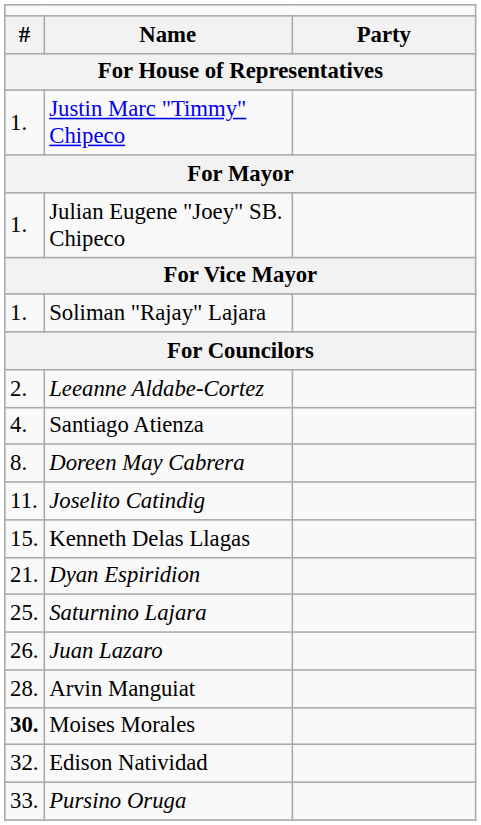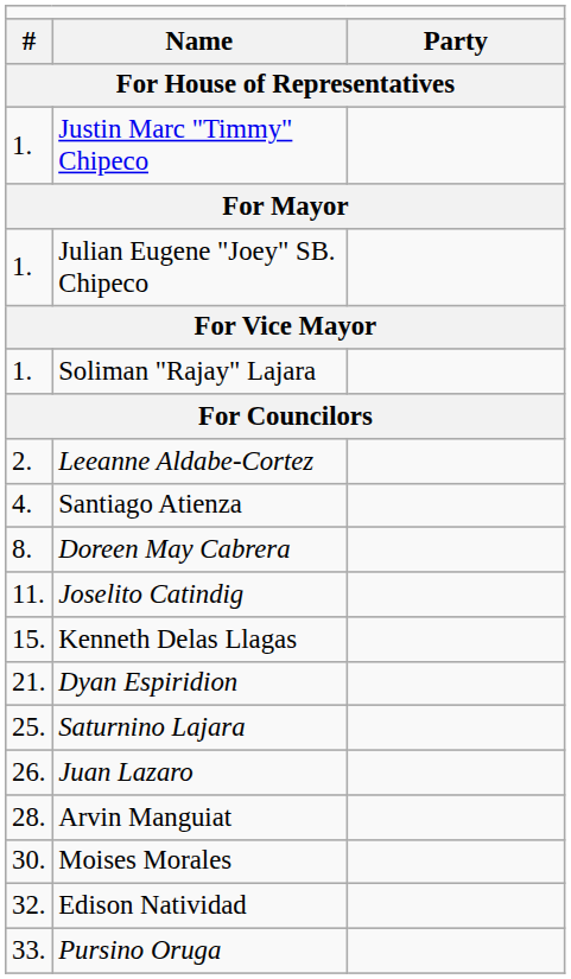 <table class=wikitable style="font-size:90%">
 <tr>
 <td colspan=4 bgcolor=></td>
 </tr>
 <tr>
 <th>#</th>
 <th width=150px>Name</th>
 <th colspan=2 width=110px>Party</th>
 </tr>
 <tr>
 <th colspan="4">For House of Representatives</th>
 </tr>
 <tr>
 <td>1.</td>
 <td><a href='#'>Justin Marc "Timmy" Chipeco</a></td>
 <td></td>
 </tr>
 <tr>
 <th colspan="4">For Mayor</th>
 </tr>
 <tr>
 <td>1.</td>
 <td>Julian Eugene "Joey" SB. Chipeco</td>
 <td></td>
 </tr>
 <tr>
 <th colspan="4">For Vice Mayor</th>
 </tr>
 <tr>
 <td>1.</td>
 <td>Soliman "Rajay" Lajara</td>
 <td></td>
 </tr>
 <tr>
 <th colspan="4">For Councilors</th>
 </tr>
 <tr>
 <td>2.</td>
 <td><em>Leeanne Aldabe-Cortez</em></td>
 <td></td>
 </tr>
 <tr>
 <td>4.</td>
 <td>Santiago Atienza</td>
 <td></td>
 </tr>
 <tr>
 <td>8.</td>
 <td><em>Doreen May Cabrera</em></td>
 <td></td>
 </tr>
 <tr>
 <td>11.</td>
 <td><em>Joselito Catindig</em></td>
 <td></td>
 </tr>
 <tr>
 <td>15.</td>
 <td>Kenneth Delas Llagas</td>
 <td></td>
 </tr>
 <tr>
 <td>21.</td>
 <td><em>Dyan Espiridion</em></td>
 <td></td>
 </tr>
 <tr>
 <td>25.</td>
 <td><em>Saturnino Lajara</em></td>
 <td></td>
 </tr>
 <tr>
 <td>26.</td>
 <td><em>Juan Lazaro</em></td>
 <td></td>
 </tr>
 <tr>
 <td>28.</td>
 <td>Arvin Manguiat</td>
 <td></td>
 </tr>
 <tr>
-<td><strong>30.</strong></td>
+<td>30.</td>
 <td>Moises Morales</td>
 <td></td>
 </tr>
 <tr>
 <td>32.</td>
 <td>Edison Natividad</td>
 <td></td>
 </tr>
 <tr>
 <td>33.</td>
 <td><em>Pursino Oruga</em></td>
 <td></td>
 </tr>
 </table>
